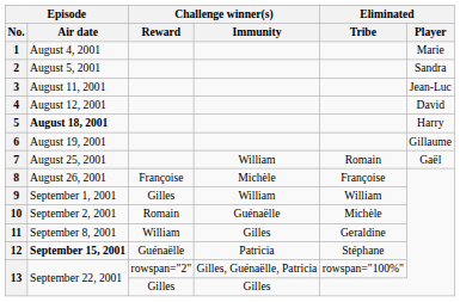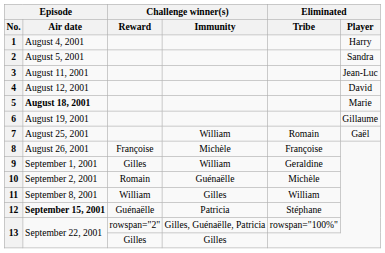 <table class="wikitable unsortable" style="text-align:center;">
 <tr>
 <th colspan="2" scope="col">Episode</th>
 <th colspan="2" scope="col">Challenge winner(s)</th>
 <th colspan="2" scope="col">Eliminated</th>
 </tr>
 <tr>
 <th scope="col">No.</th>
 <th scope="col">Air date</th>
 <th scope="col">Reward</th>
 <th scope="col">Immunity</th>
 <th scope="col">Tribe</th>
 <th scope="col">Player</th>
 </tr>
 <tr>
 <th scope="col">1</th>
 <td align="left">August 4, 2001</td>
 <td></td>
 <td></td>
 <td></td>
-<td>Marie</td>
+<td>Harry</td>
 </tr>
 <tr>
 <th scope="col">2</th>
 <td align="left">August 5, 2001</td>
 <td></td>
 <td></td>
 <td></td>
 <td>Sandra</td>
 </tr>
 <tr>
 <th scope="col">3</th>
 <td align="left">August 11, 2001</td>
 <td></td>
 <td></td>
 <td></td>
 <td>Jean-Luc</td>
 </tr>
 <tr>
 <th scope="col">4</th>
 <td align="left">August 12, 2001</td>
 <td></td>
 <td></td>
 <td></td>
 <td>David</td>
 </tr>
 <tr>
 <th scope="col">5</th>
 <td align="left"><strong>August 18, 2001</strong></td>
 <td></td>
 <td></td>
 <td></td>
-<td>Harry</td>
+<td>Marie</td>
 </tr>
 <tr>
 <th scope="col">6</th>
 <td align="left">August 19, 2001</td>
 <td></td>
 <td></td>
 <td></td>
 <td>Gillaume</td>
 </tr>
 <tr>
 <th scope="col">7</th>
 <td align="left">August 25, 2001</td>
 <td></td>
 <td>William</td>
 <td>Romain</td>
 <td>Gaël</td>
 </tr>
 <tr>
 <th scope="col">8</th>
 <td align="left">August 26, 2001</td>
 <td>Françoise</td>
 <td>Michèle</td>
 <td>Françoise</td>
 </tr>
 <tr>
 <th scope="col">9</th>
 <td align="left">September 1, 2001</td>
 <td>Gilles</td>
 <td>William</td>
-<td>William</td>
+<td>Geraldine</td>
 </tr>
 <tr>
 <th scope="col">10</th>
 <td align="left">September 2, 2001</td>
 <td>Romain</td>
 <td>Guénaëlle</td>
 <td>Michèle</td>
 </tr>
 <tr>
 <th scope="col">11</th>
 <td align="left">September 8, 2001</td>
 <td>William</td>
 <td>Gilles</td>
-<td>Geraldine</td>
+<td>William</td>
 </tr>
 <tr>
 <th scope="col">12</th>
 <td align="left"><strong>September 15, 2001</strong></td>
 <td>Guénaëlle</td>
 <td>Patricia</td>
 <td>Stéphane</td>
 </tr>
 <tr>
 <th rowspan="2" scope="col">13</th>
 <td rowspan="2" align="left">September 22, 2001</td>
 <td>rowspan="2" </td>
 <td>Gilles, Guénaëlle, Patricia</td>
 <td>rowspan="100%" </td>
 </tr>
 <tr>
 <td>Gilles</td>
 <td>Gilles</td>
 </tr>
 </table>
